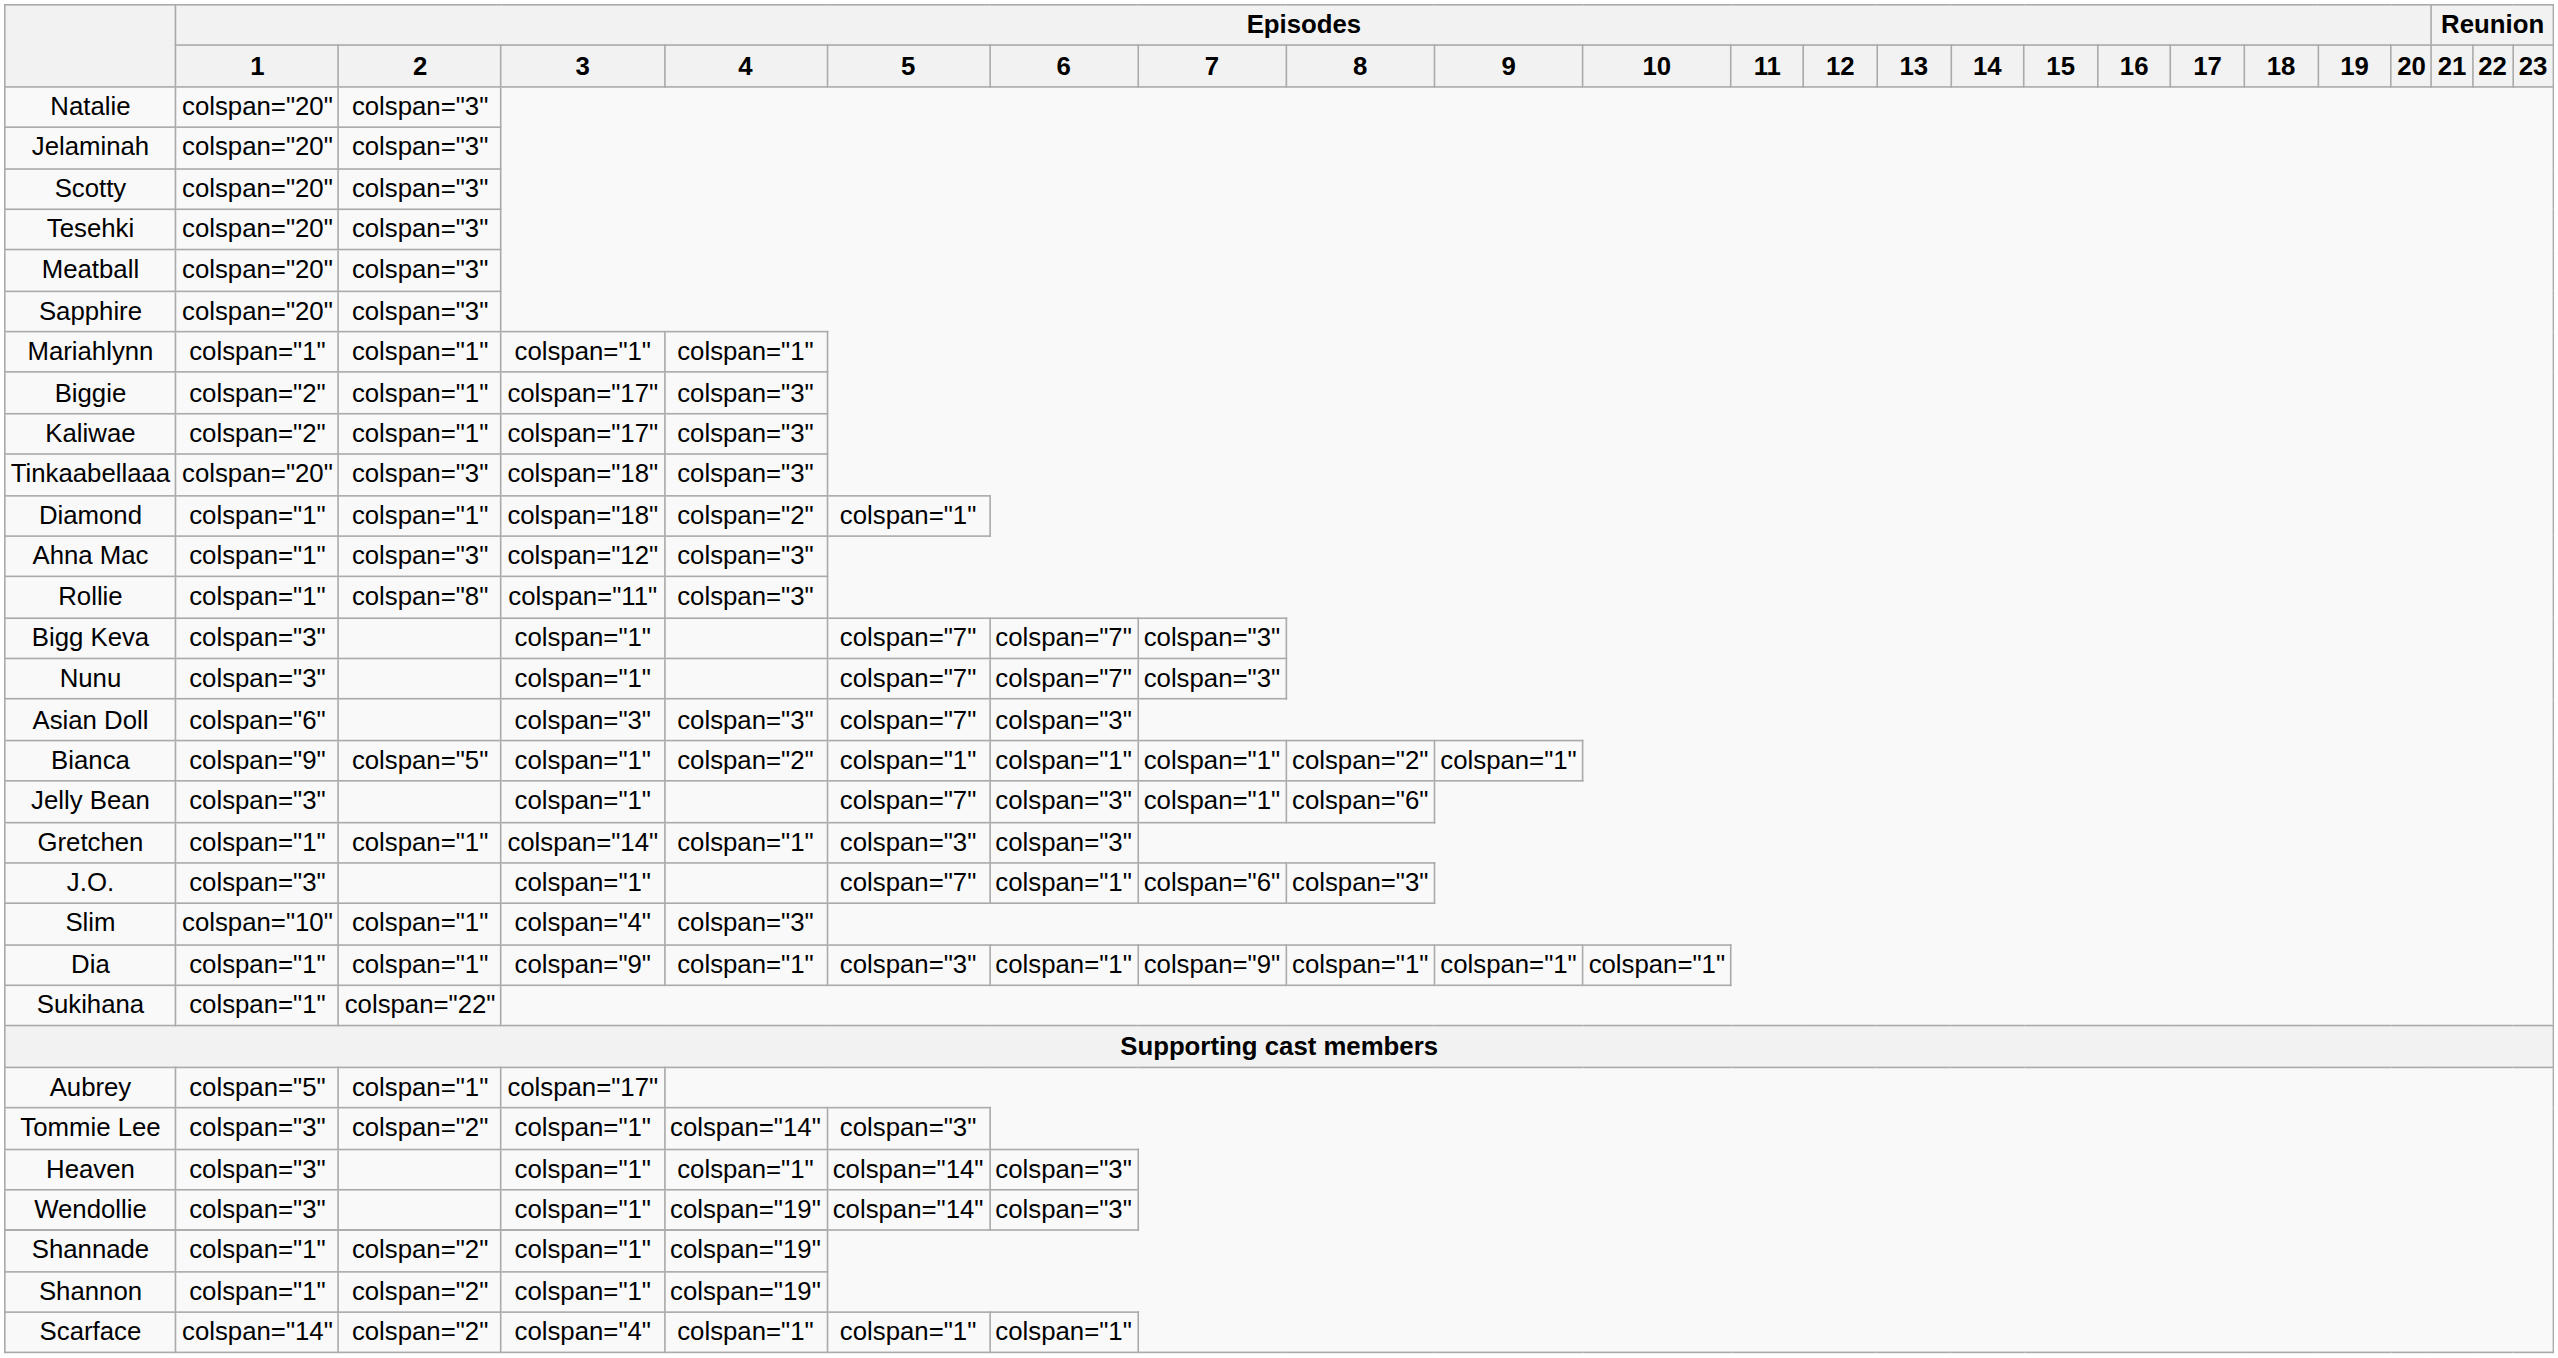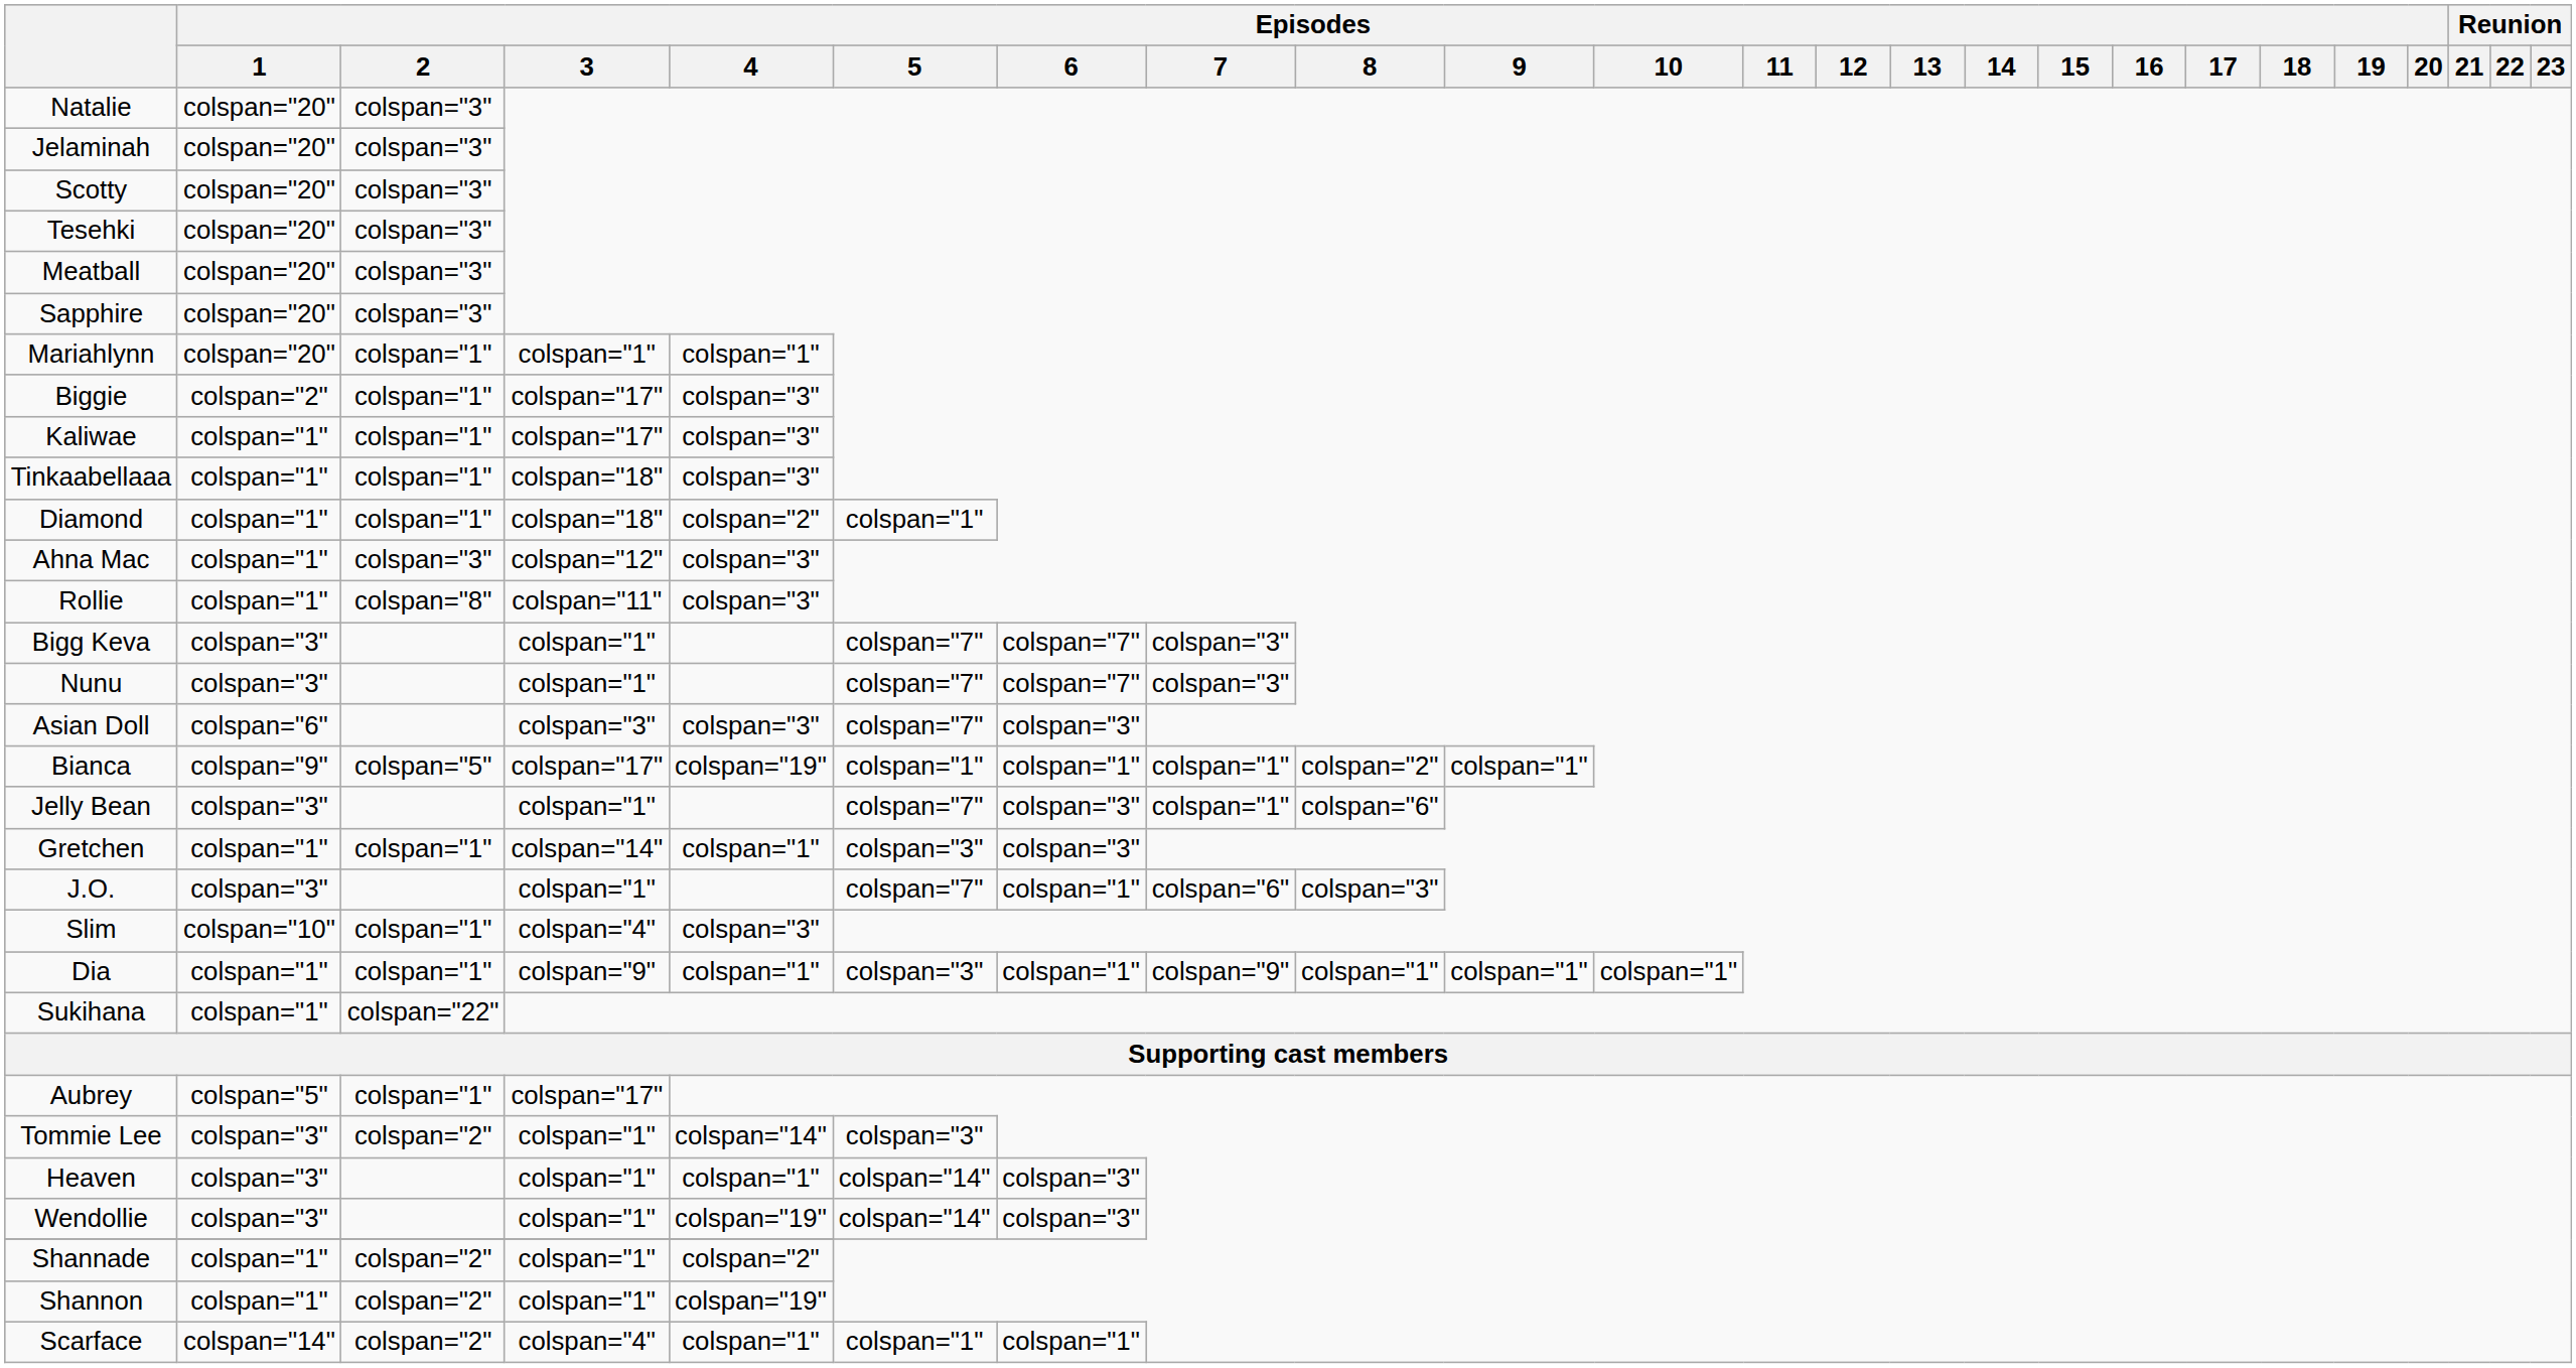 <table class="wikitable plainrowheaders" style="text-align:center; width:100%">
 <tr>
 <th scope="col" rowspan="2" style="width:5%;"></th>
 <th colspan="20" scope="col">Episodes</th>
 <th scope="col" colspan="3">Reunion</th>
 </tr>
 <tr>
 <th style="width:5%;">1</th>
 <th style="width:5%;">2</th>
 <th style="width:5%;">3</th>
 <th style="width:5%;">4</th>
 <th style="width:5%;">5</th>
 <th style="width:5%;">6</th>
 <th style="width:5%;">7</th>
 <th style="width:5%;">8</th>
 <th style="width:5%;">9</th>
 <th style="width:5%;">10</th>
 <th style="width:5%;">11</th>
 <th style="width:5%;">12</th>
 <th style="width:5%;">13</th>
 <th style="width:5%;">14</th>
 <th style="width:5%;">15</th>
 <th style="width:5%;">16</th>
 <th style="width:5%;">17</th>
 <th style="width:5%;">18</th>
 <th style="width:5%;">19</th>
 <th style="width:5%;">20</th>
 <th style="width:5%;">21</th>
 <th style="width:5%;">22</th>
 <th style="width:5%;">23</th>
 </tr>
 <tr>
 <td scope="row">Natalie</td>
 <td>colspan="20" </td>
 <td>colspan="3" </td>
 </tr>
 <tr>
 <td scope="row">Jelaminah</td>
 <td>colspan="20" </td>
 <td>colspan="3" </td>
 </tr>
 <tr>
 <td scope="row">Scotty</td>
 <td>colspan="20" </td>
 <td>colspan="3" </td>
 </tr>
 <tr>
 <td scope="row">Tesehki</td>
 <td>colspan="20" </td>
 <td>colspan="3" </td>
 </tr>
 <tr>
 <td scope="row">Meatball</td>
 <td>colspan="20" </td>
 <td>colspan="3" </td>
 </tr>
 <tr>
 <td scope="row">Sapphire</td>
 <td>colspan="20" </td>
 <td>colspan="3" </td>
 </tr>
 <tr>
 <td scope="row">Mariahlynn</td>
-<td>colspan="1" </td>
+<td>colspan="20" </td>
 <td>colspan="1" </td>
 <td>colspan="1" </td>
 <td>colspan="1" </td>
 </tr>
 <tr>
 <td scope="row">Biggie</td>
 <td>colspan="2" </td>
 <td>colspan="1" </td>
 <td>colspan="17" </td>
 <td>colspan="3" </td>
 </tr>
 <tr>
 <td scope="row">Kaliwae</td>
-<td>colspan="2" </td>
+<td>colspan="1" </td>
 <td>colspan="1" </td>
 <td>colspan="17" </td>
 <td>colspan="3" </td>
 </tr>
 <tr>
 <td scope="row">Tinkaabellaaa</td>
-<td>colspan="20" </td>
-<td>colspan="3" </td>
+<td>colspan="1" </td>
+<td>colspan="1" </td>
 <td>colspan="18" </td>
 <td>colspan="3" </td>
 </tr>
 <tr>
 <td scope="row">Diamond</td>
 <td>colspan="1" </td>
 <td>colspan="1" </td>
 <td>colspan="18" </td>
 <td>colspan="2" </td>
 <td>colspan="1" </td>
 </tr>
 <tr>
 <td scope="row">Ahna Mac</td>
 <td>colspan="1" </td>
 <td>colspan="3" </td>
 <td>colspan="12" </td>
 <td>colspan="3" </td>
 </tr>
 <tr>
 <td scope="row">Rollie</td>
 <td>colspan="1" </td>
 <td>colspan="8" </td>
 <td>colspan="11" </td>
 <td>colspan="3" </td>
 </tr>
 <tr>
 <td scope="row">Bigg Keva</td>
 <td>colspan="3" </td>
 <td></td>
 <td>colspan="1" </td>
 <td></td>
 <td>colspan="7" </td>
 <td>colspan="7" </td>
 <td>colspan="3" </td>
 </tr>
 <tr>
 <td scope="row">Nunu</td>
 <td>colspan="3" </td>
 <td></td>
 <td>colspan="1" </td>
 <td></td>
 <td>colspan="7" </td>
 <td>colspan="7" </td>
 <td>colspan="3" </td>
 </tr>
 <tr>
 <td scope="row">Asian Doll</td>
 <td>colspan="6" </td>
 <td></td>
 <td>colspan="3" </td>
 <td>colspan="3" </td>
 <td>colspan="7" </td>
 <td>colspan="3" </td>
 </tr>
 <tr>
 <td scope="row">Bianca</td>
 <td>colspan="9" </td>
 <td>colspan="5" </td>
-<td>colspan="1" </td>
-<td>colspan="2" </td>
+<td>colspan="17" </td>
+<td>colspan="19" </td>
 <td>colspan="1" </td>
 <td>colspan="1" </td>
 <td>colspan="1" </td>
 <td>colspan="2" </td>
 <td>colspan="1" </td>
 </tr>
 <tr>
 <td scope="row">Jelly Bean</td>
 <td>colspan="3" </td>
 <td></td>
 <td>colspan="1" </td>
 <td></td>
 <td>colspan="7" </td>
 <td>colspan="3" </td>
 <td>colspan="1" </td>
 <td>colspan="6" </td>
 </tr>
 <tr>
 <td scope="row">Gretchen</td>
 <td>colspan="1" </td>
 <td>colspan="1" </td>
 <td>colspan="14" </td>
 <td>colspan="1" </td>
 <td>colspan="3" </td>
 <td>colspan="3" </td>
 </tr>
 <tr>
 <td scope="row">J.O.</td>
 <td>colspan="3" </td>
 <td></td>
 <td>colspan="1" </td>
 <td></td>
 <td>colspan="7" </td>
 <td>colspan="1" </td>
 <td>colspan="6" </td>
 <td>colspan="3" </td>
 </tr>
 <tr>
 <td scope="row">Slim</td>
 <td>colspan="10" </td>
 <td>colspan="1" </td>
 <td>colspan="4" </td>
 <td>colspan="3" </td>
 </tr>
 <tr>
 <td scope="row">Dia</td>
 <td>colspan="1" </td>
 <td>colspan="1" </td>
 <td>colspan="9" </td>
 <td>colspan="1" </td>
 <td>colspan="3" </td>
 <td>colspan="1" </td>
 <td>colspan="9" </td>
 <td>colspan="1" </td>
 <td>colspan="1" </td>
 <td>colspan="1" </td>
 </tr>
 <tr>
 <td scope="row">Sukihana</td>
 <td>colspan="1" </td>
 <td>colspan="22" </td>
 </tr>
 <tr>
 <th colspan="24">Supporting cast members</th>
 </tr>
 <tr>
 <td scope="row">Aubrey</td>
 <td>colspan="5" </td>
 <td>colspan="1" </td>
 <td>colspan="17" </td>
 </tr>
 <tr>
 <td scope="row">Tommie Lee</td>
 <td>colspan="3" </td>
 <td>colspan="2" </td>
 <td>colspan="1" </td>
 <td>colspan="14" </td>
 <td>colspan="3" </td>
 </tr>
 <tr>
 <td scope="row">Heaven</td>
 <td>colspan="3" </td>
 <td></td>
 <td>colspan="1" </td>
 <td>colspan="1" </td>
 <td>colspan="14" </td>
 <td>colspan="3" </td>
 </tr>
 <tr>
 <td scope="row">Wendollie</td>
 <td>colspan="3" </td>
 <td></td>
 <td>colspan="1" </td>
 <td>colspan="19" </td>
 <td>colspan="14" </td>
 <td>colspan="3" </td>
 </tr>
 <tr>
 </tr>
 <tr>
 <td scope="row">Shannade</td>
 <td>colspan="1" </td>
 <td>colspan="2" </td>
 <td>colspan="1" </td>
-<td>colspan="19" </td>
+<td>colspan="2" </td>
 </tr>
 <tr>
 <td scope="row">Shannon</td>
 <td>colspan="1" </td>
 <td>colspan="2" </td>
 <td>colspan="1" </td>
 <td>colspan="19" </td>
 </tr>
 <tr>
 <td scope="row">Scarface</td>
 <td>colspan="14" </td>
 <td>colspan="2" </td>
 <td>colspan="4" </td>
 <td>colspan="1" </td>
 <td>colspan="1" </td>
 <td>colspan="1" </td>
 </tr>
 </table>
